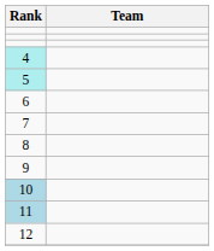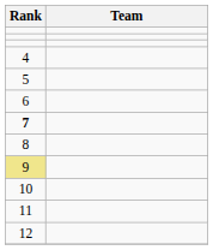 <table class="wikitable" style="text-align: center;">
 <tr>
 <th width=40>Rank</th>
 <th width=180>Team</th>
 </tr>
 <tr align=center>
 <td></td>
 <td style="text-align:left;"></td>
 </tr>
 <tr align=center>
 <td></td>
 <td style="text-align:left;"></td>
 </tr>
 <tr align=center>
 <td></td>
 <td style="text-align:left;"></td>
 </tr>
 <tr align=center>
-<td style="background: paleturquoise;">4</td>
+<td>4</td>
 <td style="text-align:left;"></td>
 </tr>
 <tr align=center>
-<td style="background: paleturquoise;">5</td>
+<td>5</td>
 <td style="text-align:left;"></td>
 </tr>
 <tr align=center>
 <td>6</td>
 <td style="text-align:left;"></td>
 </tr>
 <tr align=center>
-<td>7</td>
+<td><strong>7</strong></td>
 <td style="text-align:left;"></td>
 </tr>
 <tr align=center>
 <td>8</td>
 <td style="text-align:left;"></td>
 </tr>
 <tr align=center>
-<td>9</td>
+<td style="background: khaki;">9</td>
 <td style="text-align:left;"></td>
 </tr>
 <tr align=center>
-<td style="background: lightblue;">10</td>
+<td>10</td>
 <td style="text-align:left;"></td>
 </tr>
 <tr align=center>
-<td style="background: lightblue;">11</td>
+<td>11</td>
 <td style="text-align:left;"></td>
 </tr>
 <tr align=center>
 <td>12</td>
 <td style="text-align:left;"></td>
 </tr>
 <tr align=center>
 </tr>
 </table>
